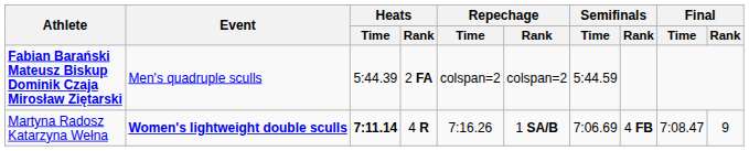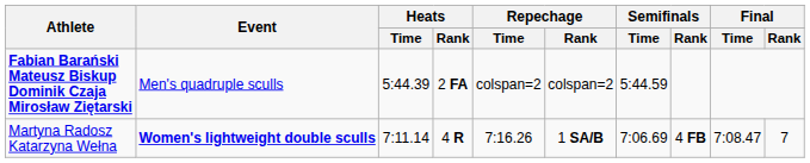 <table class=wikitable style=font-size:90%;text-align:center>
 <tr>
 <th rowspan=2>Athlete</th>
 <th rowspan=2>Event</th>
 <th colspan=2>Heats</th>
 <th colspan=2>Repechage</th>
 <th colspan=2>Semifinals</th>
 <th colspan=2>Final</th>
 </tr>
 <tr style=font-size:95%>
 <th>Time</th>
 <th>Rank</th>
 <th>Time</th>
 <th>Rank</th>
 <th>Time</th>
 <th>Rank</th>
 <th>Time</th>
 <th>Rank</th>
 </tr>
 <tr>
 <td align=left><strong><a href='#'>Fabian Barański</a><br><a href='#'>Mateusz Biskup</a><br><a href='#'>Dominik Czaja</a><br><a href='#'>Mirosław Ziętarski</a></strong></td>
 <td align=left><a href='#'>Men's quadruple sculls</a></td>
 <td>5:44.39</td>
 <td>2 <strong>FA</strong></td>
 <td>colspan=2 </td>
 <td>colspan=2 </td>
 <td>5:44.59</td>
 <td></td>
 </tr>
 <tr>
 <td align=left><a href='#'>Martyna Radosz</a><br><a href='#'>Katarzyna Wełna</a></td>
 <td align=left><strong><a href='#'>Women's lightweight double sculls</a></strong></td>
-<td><strong>7:11.14</strong></td>
+<td>7:11.14</td>
 <td>4 <strong>R</strong></td>
 <td>7:16.26</td>
 <td>1 <strong>SA/B</strong></td>
 <td>7:06.69</td>
 <td>4 <strong>FB</strong></td>
 <td>7:08.47</td>
-<td>9</td>
+<td>7</td>
 </tr>
 </table>
